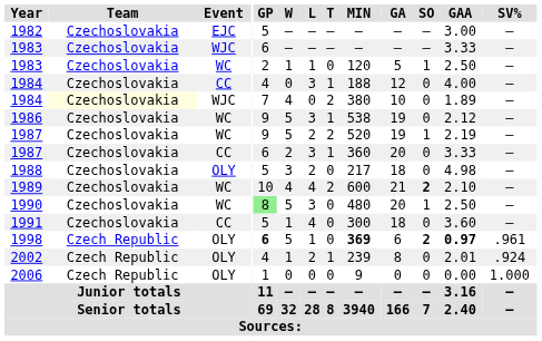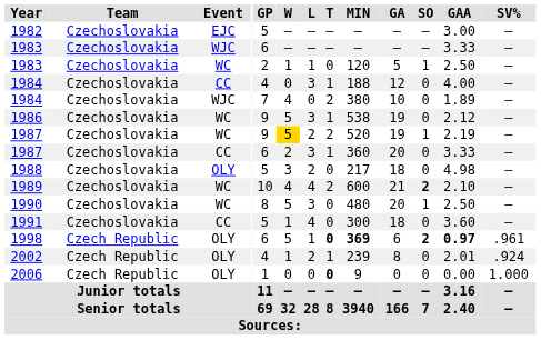 <table border="0" cellpadding="1" cellspacing="0" ID="Table3" style="text-align:center; width:40em">
 <tr ALIGN="center" bgcolor="#e0e0e0">
 <th>Year</th>
 <th>Team</th>
 <th>Event</th>
 <th rowspan="99" bgcolor="#ffffff"></th>
 <th>GP</th>
 <th>W</th>
 <th>L</th>
 <th>T</th>
 <th>MIN</th>
 <th>GA</th>
 <th>SO</th>
 <th>GAA</th>
 <th>SV%</th>
 </tr>
 <tr>
 <td><a href='#'>1982</a></td>
 <td><a href='#'>Czechoslovakia</a></td>
 <td><a href='#'>EJC</a></td>
 <td>5</td>
 <td>—</td>
 <td>—</td>
 <td>—</td>
 <td>—</td>
 <td>—</td>
 <td>—</td>
 <td>3.00</td>
 <td>—</td>
 </tr>
 <tr bgcolor="#f0f0f0">
 <td><a href='#'>1983</a></td>
 <td><a href='#'>Czechoslovakia</a></td>
 <td><a href='#'>WJC</a></td>
 <td>6</td>
 <td>—</td>
 <td>—</td>
 <td>—</td>
 <td>—</td>
 <td>—</td>
 <td>—</td>
 <td>3.33</td>
 <td>—</td>
 </tr>
 <tr>
 <td><a href='#'>1983</a></td>
 <td><a href='#'>Czechoslovakia</a></td>
 <td><a href='#'>WC</a></td>
 <td>2</td>
 <td>1</td>
 <td>1</td>
 <td>0</td>
 <td>120</td>
 <td>5</td>
 <td>1</td>
 <td>2.50</td>
 <td>—</td>
 </tr>
 <tr bgcolor="#f0f0f0">
 <td><a href='#'>1984</a></td>
 <td>Czechoslovakia</td>
 <td><a href='#'>CC</a></td>
 <td>4</td>
 <td>0</td>
 <td>3</td>
 <td>1</td>
 <td>188</td>
 <td>12</td>
 <td>0</td>
 <td>4.00</td>
 <td>—</td>
 </tr>
 <tr>
 <td><a href='#'>1984</a></td>
-<td style="background: lightyellow;">Czechoslovakia</td>
+<td>Czechoslovakia</td>
 <td>WJC</td>
 <td>7</td>
 <td>4</td>
 <td>0</td>
 <td>2</td>
 <td>380</td>
 <td>10</td>
 <td>0</td>
 <td>1.89</td>
 <td>—</td>
 </tr>
 <tr bgcolor="#f0f0f0">
 <td><a href='#'>1986</a></td>
 <td>Czechoslovakia</td>
 <td>WC</td>
 <td>9</td>
 <td>5</td>
 <td>3</td>
 <td>1</td>
 <td>538</td>
 <td>19</td>
 <td>0</td>
 <td>2.12</td>
 <td>—</td>
 </tr>
 <tr>
 <td><a href='#'>1987</a></td>
 <td>Czechoslovakia</td>
 <td>WC</td>
 <td>9</td>
-<td>5</td>
+<td style="background: gold;">5</td>
 <td>2</td>
 <td>2</td>
 <td>520</td>
 <td>19</td>
 <td>1</td>
 <td>2.19</td>
 <td>—</td>
 </tr>
 <tr bgcolor="#f0f0f0">
 <td><a href='#'>1987</a></td>
 <td>Czechoslovakia</td>
 <td>CC</td>
 <td>6</td>
 <td>2</td>
 <td>3</td>
 <td>1</td>
 <td>360</td>
 <td>20</td>
 <td>0</td>
 <td>3.33</td>
 <td>—</td>
 </tr>
 <tr>
 <td><a href='#'>1988</a></td>
 <td>Czechoslovakia</td>
 <td><a href='#'>OLY</a></td>
 <td>5</td>
 <td>3</td>
 <td>2</td>
 <td>0</td>
 <td>217</td>
 <td>18</td>
 <td>0</td>
 <td>4.98</td>
 <td>—</td>
 </tr>
 <tr bgcolor="#f0f0f0">
 <td><a href='#'>1989</a></td>
 <td>Czechoslovakia</td>
 <td>WC</td>
 <td>10</td>
 <td>4</td>
 <td>4</td>
 <td>2</td>
 <td>600</td>
 <td>21</td>
 <td><strong>2</strong></td>
 <td>2.10</td>
 <td>—</td>
 </tr>
 <tr>
 <td><a href='#'>1990</a></td>
 <td>Czechoslovakia</td>
 <td>WC</td>
-<td style="background: lightgreen;">8</td>
+<td>8</td>
 <td>5</td>
 <td>3</td>
 <td>0</td>
 <td>480</td>
 <td>20</td>
 <td>1</td>
 <td>2.50</td>
 <td>—</td>
 </tr>
 <tr bgcolor="#f0f0f0">
 <td><a href='#'>1991</a></td>
 <td>Czechoslovakia</td>
 <td>CC</td>
 <td>5</td>
 <td>1</td>
 <td>4</td>
 <td>0</td>
 <td>300</td>
 <td>18</td>
 <td>0</td>
 <td>3.60</td>
 <td>—</td>
 </tr>
 <tr>
 <td><a href='#'>1998</a></td>
 <td><a href='#'>Czech Republic</a></td>
 <td>OLY</td>
-<td><strong>6</strong></td>
+<td>6</td>
 <td>5</td>
 <td>1</td>
-<td>0</td>
+<td><strong>0</strong></td>
 <td><strong>369</strong></td>
 <td>6</td>
 <td><strong>2</strong></td>
 <td><strong>0.97</strong></td>
 <td>.961</td>
 </tr>
 <tr bgcolor="#f0f0f0">
 <td><a href='#'>2002</a></td>
 <td>Czech Republic</td>
 <td>OLY</td>
 <td>4</td>
 <td>1</td>
 <td>2</td>
 <td>1</td>
 <td>239</td>
 <td>8</td>
 <td>0</td>
 <td>2.01</td>
 <td>.924</td>
 </tr>
 <tr>
 <td><a href='#'>2006</a></td>
 <td>Czech Republic</td>
 <td>OLY</td>
 <td>1</td>
 <td>0</td>
 <td>0</td>
-<td>0</td>
+<td><strong>0</strong></td>
 <td>9</td>
 <td>0</td>
 <td>0</td>
 <td>0.00</td>
 <td>1.000</td>
 </tr>
 <tr bgcolor="#e0e0e0">
 <th colspan=4>Junior totals</th>
 <th>11</th>
 <th>—</th>
 <th>—</th>
 <th>—</th>
 <th>—</th>
 <th>—</th>
 <th>—</th>
 <th>3.16</th>
 <th>—</th>
 </tr>
 <tr bgcolor="#e0e0e0">
 <th colspan=4>Senior totals</th>
 <th>69</th>
 <th>32</th>
 <th>28</th>
 <th>8</th>
 <th>3940</th>
 <th>166</th>
 <th>7</th>
 <th>2.40</th>
 <th>—</th>
 </tr>
 <tr>
 <td colspan="13" style="text-align: center;" bgcolor="#e0e0e0"><strong>Sources:</strong></td>
 </tr>
 </table>
